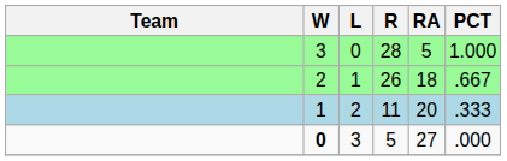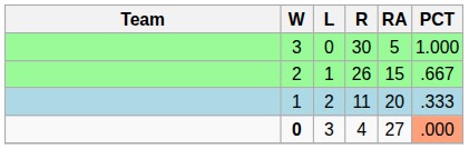 <table class=wikitable style="text-align:center;font-size:90%">
 <tr>
 <th width=220>Team</th>
 <th width=20>W</th>
 <th width=20>L</th>
 <th width=20>R</th>
 <th width=20>RA</th>
 <th width=20>PCT</th>
 </tr>
 <tr bgcolor="#98fb98">
 <td align=left></td>
 <td>3</td>
 <td>0</td>
-<td>28</td>
+<td>30</td>
 <td>5</td>
 <td>1.000</td>
 </tr>
 <tr bgcolor="#98fb98">
 <td align=left></td>
 <td>2</td>
 <td>1</td>
 <td>26</td>
-<td>18</td>
+<td>15</td>
 <td>.667</td>
 </tr>
 <tr bgcolor=lightblue>
 <td align=left></td>
 <td>1</td>
 <td>2</td>
 <td>11</td>
 <td>20</td>
 <td>.333</td>
 </tr>
 <tr>
 <td align=left></td>
 <td><strong>0</strong></td>
 <td>3</td>
-<td>5</td>
+<td>4</td>
 <td>27</td>
-<td>.000</td>
+<td style="background: lightsalmon;">.000</td>
 </tr>
 <tr>
 </tr>
 </table>
